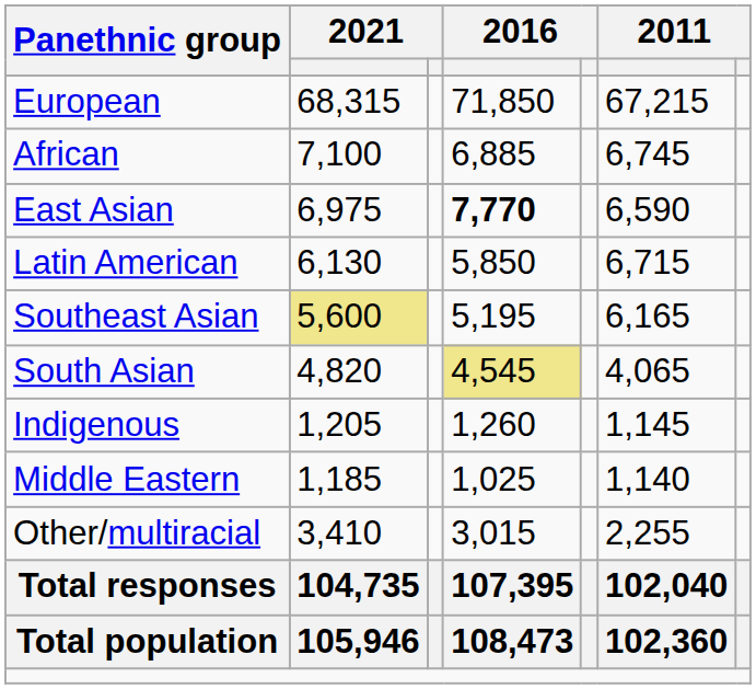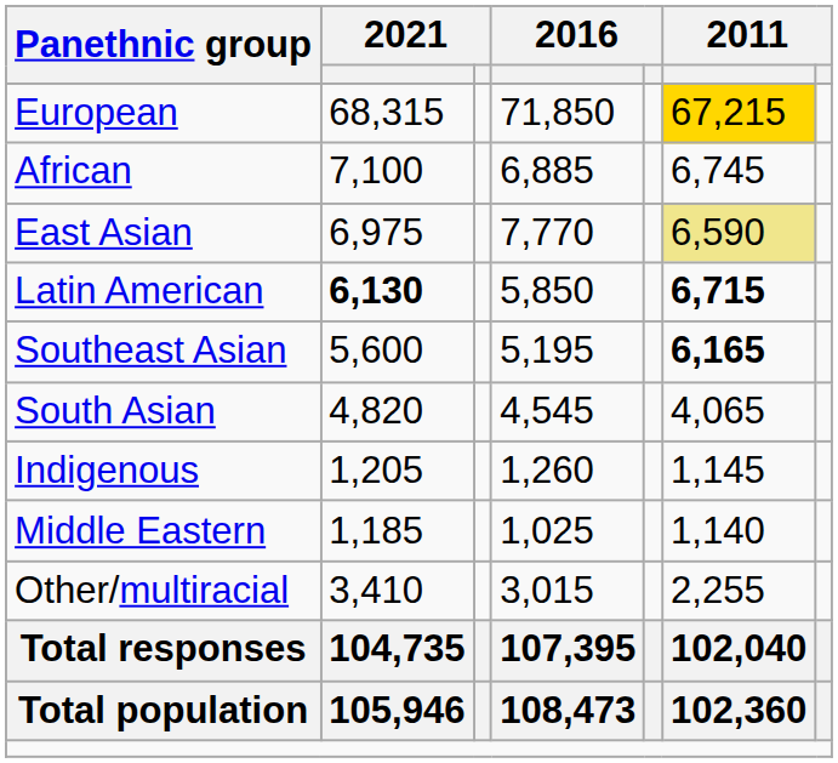 <table class="wikitable collapsible sortable">
 <tr>
 <th rowspan="2"><a href='#'>Panethnic</a> group</th>
 <th colspan="2">2021</th>
 <th colspan="2">2016</th>
 <th colspan="2">2011</th>
 </tr>
 <tr>
 <th><a href='#'></a></th>
 <th></th>
 <th></th>
 <th></th>
 <th></th>
 <th></th>
 </tr>
 <tr>
 <td><a href='#'>European</a></td>
 <td>68,315</td>
 <td></td>
 <td>71,850</td>
 <td></td>
-<td>67,215</td>
+<td style="background: gold;">67,215</td>
 <td></td>
 </tr>
 <tr>
 <td><a href='#'>African</a></td>
 <td>7,100</td>
 <td></td>
 <td>6,885</td>
 <td></td>
 <td>6,745</td>
 <td></td>
 </tr>
 <tr>
 <td><a href='#'>East Asian</a></td>
 <td>6,975</td>
 <td></td>
-<td><strong>7,770</strong></td>
+<td>7,770</td>
 <td></td>
-<td>6,590</td>
+<td style="background: khaki;">6,590</td>
 <td></td>
 </tr>
 <tr>
 <td><a href='#'>Latin American</a></td>
-<td>6,130</td>
+<td><strong>6,130</strong></td>
 <td></td>
 <td>5,850</td>
 <td></td>
-<td>6,715</td>
+<td><strong>6,715</strong></td>
 <td></td>
 </tr>
 <tr>
 <td><a href='#'>Southeast Asian</a></td>
-<td style="background: khaki;">5,600</td>
+<td>5,600</td>
 <td></td>
 <td>5,195</td>
 <td></td>
-<td>6,165</td>
+<td><strong>6,165</strong></td>
 <td></td>
 </tr>
 <tr>
 <td><a href='#'>South Asian</a></td>
 <td>4,820</td>
 <td></td>
-<td style="background: khaki;">4,545</td>
+<td>4,545</td>
 <td></td>
 <td>4,065</td>
 <td></td>
 </tr>
 <tr>
 <td><a href='#'>Indigenous</a></td>
 <td>1,205</td>
 <td></td>
 <td>1,260</td>
 <td></td>
 <td>1,145</td>
 <td></td>
 </tr>
 <tr>
 <td><a href='#'>Middle Eastern</a></td>
 <td>1,185</td>
 <td></td>
 <td>1,025</td>
 <td></td>
 <td>1,140</td>
 <td></td>
 </tr>
 <tr>
 <td>Other/<a href='#'>multiracial</a></td>
 <td>3,410</td>
 <td></td>
 <td>3,015</td>
 <td></td>
 <td>2,255</td>
 <td></td>
 </tr>
 <tr>
 <th>Total responses</th>
 <th>104,735</th>
 <th></th>
 <th>107,395</th>
 <th></th>
 <th>102,040</th>
 <th></th>
 </tr>
 <tr class="sortbottom">
 <th>Total population</th>
 <th>105,946</th>
 <th></th>
 <th>108,473</th>
 <th></th>
 <th>102,360</th>
 <th></th>
 </tr>
 <tr class="sortbottom">
 <td colspan="15"></td>
 </tr>
 </table>
